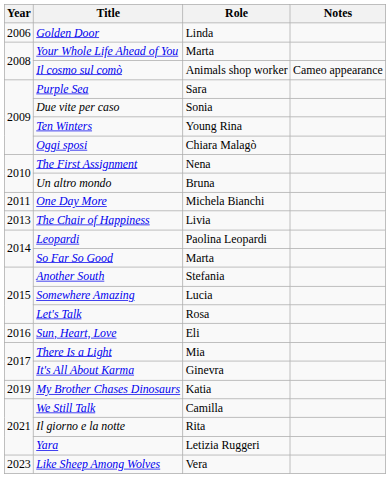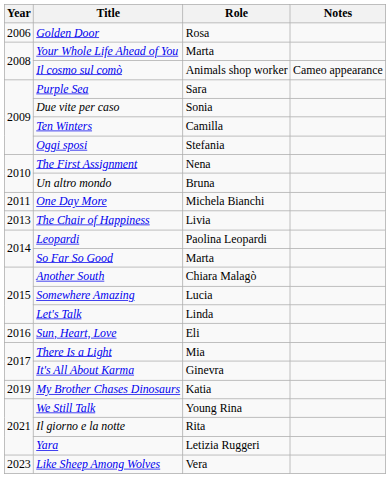 <table class="wikitable">
 <tr>
 <th>Year</th>
 <th>Title</th>
 <th>Role</th>
 <th>Notes</th>
 </tr>
 <tr>
 <td>2006</td>
 <td><em><a href='#'>Golden Door</a></em></td>
-<td>Linda</td>
+<td>Rosa</td>
 <td></td>
 </tr>
 <tr>
 <td rowspan="2">2008</td>
 <td><em><a href='#'>Your Whole Life Ahead of You</a></em></td>
 <td>Marta</td>
 <td></td>
 </tr>
 <tr>
 <td><em><a href='#'>Il cosmo sul comò</a></em></td>
 <td>Animals shop worker</td>
 <td>Cameo appearance</td>
 </tr>
 <tr>
 <td rowspan="4">2009</td>
 <td><em><a href='#'>Purple Sea</a></em></td>
 <td>Sara</td>
 <td></td>
 </tr>
 <tr>
 <td><em>Due vite per caso</em></td>
 <td>Sonia</td>
 <td></td>
 </tr>
 <tr>
 <td><em><a href='#'>Ten Winters</a></em></td>
-<td>Young Rina</td>
+<td>Camilla</td>
 <td></td>
 </tr>
 <tr>
 <td><em><a href='#'>Oggi sposi</a></em></td>
-<td>Chiara Malagò</td>
+<td>Stefania</td>
 <td></td>
 </tr>
 <tr>
 <td rowspan="2">2010</td>
 <td><em><a href='#'>The First Assignment</a></em></td>
 <td>Nena</td>
 <td></td>
 </tr>
 <tr>
 <td><em>Un altro mondo</em></td>
 <td>Bruna</td>
 <td></td>
 </tr>
 <tr>
 <td>2011</td>
 <td><em><a href='#'>One Day More</a></em></td>
 <td>Michela Bianchi</td>
 <td></td>
 </tr>
 <tr>
 <td>2013</td>
 <td><em><a href='#'>The Chair of Happiness</a></em></td>
 <td>Livia</td>
 <td></td>
 </tr>
 <tr>
 <td rowspan="2">2014</td>
 <td><em><a href='#'>Leopardi</a></em></td>
 <td>Paolina Leopardi</td>
 <td></td>
 </tr>
 <tr>
 <td><em><a href='#'>So Far So Good</a></em></td>
 <td>Marta</td>
 <td></td>
 </tr>
 <tr>
 <td rowspan="3">2015</td>
 <td><em><a href='#'>Another South</a></em></td>
-<td>Stefania</td>
+<td>Chiara Malagò</td>
 <td></td>
 </tr>
 <tr>
 <td><em><a href='#'>Somewhere Amazing</a></em></td>
 <td>Lucia</td>
 <td></td>
 </tr>
 <tr>
 <td><em><a href='#'>Let's Talk</a></em></td>
-<td>Rosa</td>
+<td>Linda</td>
 <td></td>
 </tr>
 <tr>
 <td>2016</td>
 <td><em><a href='#'>Sun, Heart, Love</a></em></td>
 <td>Eli</td>
 <td></td>
 </tr>
 <tr>
 <td rowspan="2">2017</td>
 <td><em><a href='#'>There Is a Light</a></em></td>
 <td>Mia</td>
 <td></td>
 </tr>
 <tr>
 <td><em><a href='#'>It's All About Karma</a></em></td>
 <td>Ginevra</td>
 <td></td>
 </tr>
 <tr>
 <td>2019</td>
 <td><em><a href='#'>My Brother Chases Dinosaurs</a></em></td>
 <td>Katia</td>
 <td></td>
 </tr>
 <tr>
 <td rowspan="3">2021</td>
 <td><em><a href='#'>We Still Talk</a></em></td>
-<td>Camilla</td>
+<td>Young Rina</td>
 <td></td>
 </tr>
 <tr>
 <td><em>Il giorno e la notte</em></td>
 <td>Rita</td>
 <td></td>
 </tr>
 <tr>
 <td><em><a href='#'>Yara</a></em></td>
 <td>Letizia Ruggeri</td>
 <td></td>
 </tr>
 <tr>
 <td>2023</td>
 <td><em><a href='#'>Like Sheep Among Wolves</a></em></td>
 <td>Vera</td>
 <td></td>
 </tr>
 </table>
